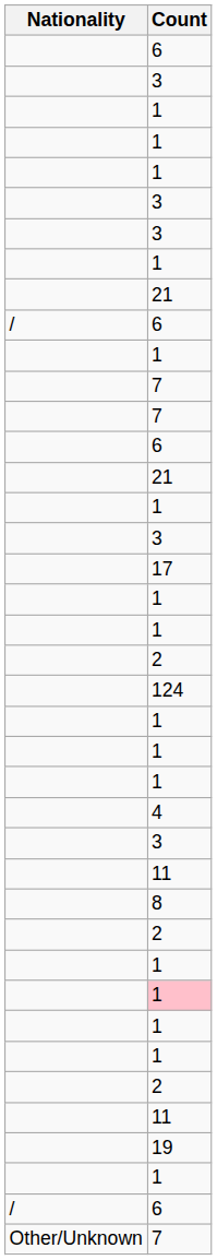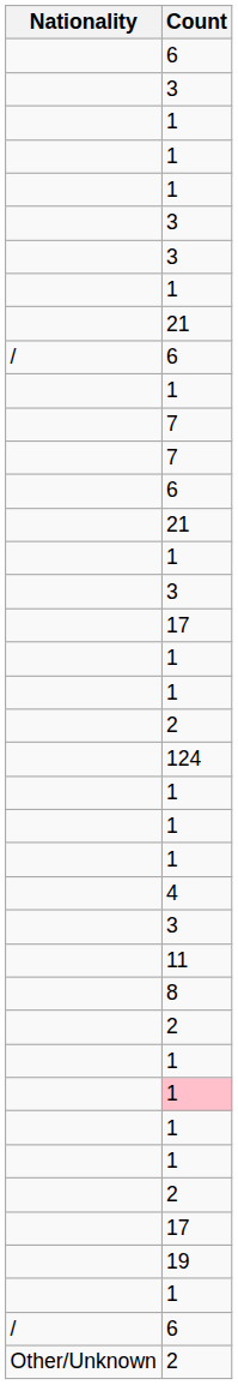 <table class="wikitable sortable">
 <tr>
 <th>Nationality</th>
 <th>Count</th>
 </tr>
 <tr>
 <td></td>
 <td>6</td>
 </tr>
 <tr>
 <td></td>
 <td>3</td>
 </tr>
 <tr>
 <td></td>
 <td>1</td>
 </tr>
 <tr>
 <td></td>
 <td>1</td>
 </tr>
 <tr>
 <td></td>
 <td>1</td>
 </tr>
 <tr>
 <td></td>
 <td>3</td>
 </tr>
 <tr>
 <td></td>
 <td>3</td>
 </tr>
 <tr>
 <td></td>
 <td>1</td>
 </tr>
 <tr>
 <td></td>
 <td>21</td>
 </tr>
 <tr>
 <td>/</td>
 <td>6</td>
 </tr>
 <tr>
 <td></td>
 <td>1</td>
 </tr>
 <tr>
 <td></td>
 <td>7</td>
 </tr>
 <tr>
 <td></td>
 <td>7</td>
 </tr>
 <tr>
 <td></td>
 <td>6</td>
 </tr>
 <tr>
 <td></td>
 <td>21</td>
 </tr>
 <tr>
 <td></td>
 <td>1</td>
 </tr>
 <tr>
 <td></td>
 <td>3</td>
 </tr>
 <tr>
 <td></td>
 <td>17</td>
 </tr>
 <tr>
 <td></td>
 <td>1</td>
 </tr>
 <tr>
 <td></td>
 <td>1</td>
 </tr>
 <tr>
 <td></td>
 <td>2</td>
 </tr>
 <tr>
 <td></td>
 <td>124</td>
 </tr>
 <tr>
 <td></td>
 <td>1</td>
 </tr>
 <tr>
 <td></td>
 <td>1</td>
 </tr>
 <tr>
 <td></td>
 <td>1</td>
 </tr>
 <tr>
 <td></td>
 <td>4</td>
 </tr>
 <tr>
 <td></td>
 <td>3</td>
 </tr>
 <tr>
 <td></td>
 <td>11</td>
 </tr>
 <tr>
 <td></td>
 <td>8</td>
 </tr>
 <tr>
 <td></td>
 <td>2</td>
 </tr>
 <tr>
 <td></td>
 <td>1</td>
 </tr>
 <tr>
 <td></td>
 <td style="background: pink;">1</td>
 </tr>
 <tr>
 <td></td>
 <td>1</td>
 </tr>
 <tr>
 <td></td>
 <td>1</td>
 </tr>
 <tr>
 <td></td>
 <td>2</td>
 </tr>
 <tr>
 <td></td>
-<td>11</td>
+<td>17</td>
 </tr>
 <tr>
 <td></td>
 <td>19</td>
 </tr>
 <tr>
 <td></td>
 <td>1</td>
 </tr>
 <tr>
 <td>/</td>
 <td>6</td>
 </tr>
 <tr>
 <td>Other/Unknown</td>
-<td>7</td>
+<td>2</td>
 </tr>
 </table>
